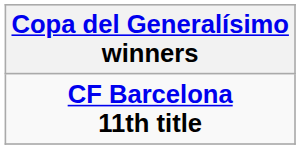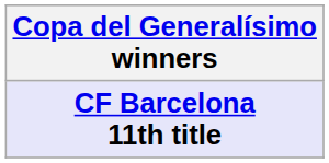 <table class="wikitable" style="text-align: center; margin: 0 auto;">
 <tr>
 <th><a href='#'>Copa del Generalísimo</a><br>winners</th>
 </tr>
 <tr>
-<td><strong><a href='#'>CF Barcelona</a></strong><br><strong>11th title</strong></td>
+<td style="background: lavender;"><strong><a href='#'>CF Barcelona</a></strong><br><strong>11th title</strong></td>
 </tr>
 </table>
